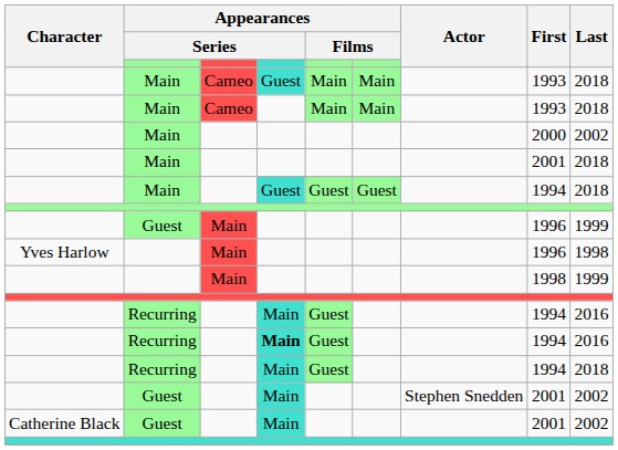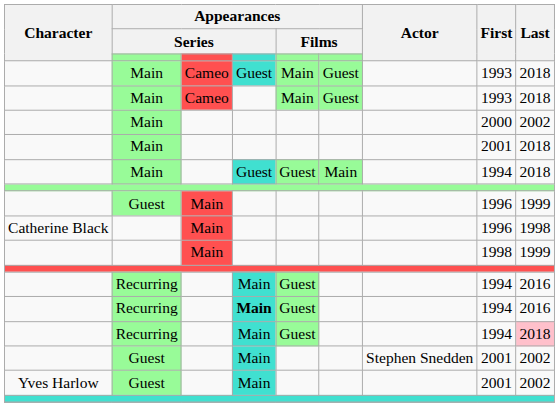 <table class="wikitable sortable plainrowheaders" style="text-align:center;">
 <tr>
 <th scope="col" rowspan="3">Character</th>
 <th scope="col" colspan="5" data-sort-type="number">Appearances</th>
 <th scope="col" rowspan="3">Actor</th>
 <th scope="col" rowspan="3" data-sort-type="number">First</th>
 <th scope="col" rowspan="3" data-sort-type="number">Last</th>
 </tr>
 <tr>
 <th scope="col" colspan="3">Series</th>
 <th scope="col" colspan="2">Films</th>
 </tr>
 <tr>
 <th scope="col" style="background-color:#98FB98;"><em><a href='#'></a></em></th>
 <th scope="col" style="background-color:#FF5050;"><em><a href='#'></a></em></th>
 <th scope="col" style="background-color:#40E0D0;"><em><a href='#'></a></em></th>
 <th scope="col" style="background-color:#98FB98;"><em><a href='#'></a></em></th>
 <th scope="col" style="background-color:#98FB98;"><em><a href='#'></a></em></th>
 </tr>
 <tr>
 <td scope="row"></td>
 <td style="background:#98FB98;">Main</td>
 <td style="background:#FF5050;">Cameo</td>
 <td style="background:#40E0D0;">Guest</td>
 <td style="background:#98FB98;">Main</td>
-<td style="background:#98FB98;">Main</td>
+<td style="background:#98FB98;">Guest</td>
 <td></td>
 <td>1993</td>
 <td>2018</td>
 </tr>
 <tr>
 <td scope="row"></td>
 <td style="background:#98FB98;">Main</td>
 <td style="background:#FF5050;">Cameo</td>
 <td></td>
 <td style="background:#98FB98;">Main</td>
-<td style="background:#98FB98;">Main</td>
+<td style="background:#98FB98;">Guest</td>
 <td></td>
 <td>1993</td>
 <td>2018</td>
 </tr>
 <tr>
 <td scope="row"></td>
 <td style="background:#98FB98;">Main</td>
 <td></td>
 <td></td>
 <td></td>
 <td></td>
 <td></td>
 <td>2000</td>
 <td>2002</td>
 </tr>
 <tr>
 <td scope="row"></td>
 <td style="background:#98FB98;">Main</td>
 <td></td>
 <td></td>
 <td></td>
 <td></td>
 <td></td>
 <td>2001</td>
 <td>2018</td>
 </tr>
 <tr>
 <td scope="row"></td>
 <td style="background:#98FB98;">Main</td>
 <td></td>
 <td style="background:#40E0D0;">Guest</td>
 <td style="background:#98FB98;">Guest</td>
-<td style="background:#98FB98;">Guest</td>
+<td style="background:#98FB98;">Main</td>
 <td></td>
 <td>1994</td>
 <td>2018</td>
 </tr>
 <tr>
 <td style="background:#98FB98;" colspan="10"></td>
 </tr>
 <tr>
 <td scope="row"></td>
 <td style="background:#98FB98;">Guest</td>
 <td style="background:#FF5050;">Main</td>
 <td></td>
 <td></td>
 <td></td>
 <td></td>
 <td>1996</td>
 <td>1999</td>
 </tr>
 <tr>
-<td scope="row">Yves Harlow</td>
+<td scope="row">Catherine Black</td>
 <td></td>
 <td style="background:#FF5050;">Main</td>
 <td></td>
 <td></td>
 <td></td>
 <td></td>
 <td>1996</td>
 <td>1998</td>
 </tr>
 <tr>
 <td scope="row"></td>
 <td></td>
 <td style="background:#FF5050;">Main</td>
 <td></td>
 <td></td>
 <td></td>
 <td></td>
 <td>1998</td>
 <td>1999</td>
 </tr>
 <tr>
 <td style="background:#FF5050;" colspan="10"></td>
 </tr>
 <tr>
 <td scope="row"></td>
 <td style="background:#98FB98;">Recurring</td>
 <td></td>
 <td style="background:#40E0D0;">Main</td>
 <td style="background:#98FB98;">Guest</td>
 <td></td>
 <td></td>
 <td>1994</td>
 <td>2016</td>
 </tr>
 <tr>
 <td scope="row"></td>
 <td style="background:#98FB98;">Recurring</td>
 <td></td>
 <td style="background:#40E0D0;"><strong>Main</strong></td>
 <td style="background:#98FB98;">Guest</td>
 <td></td>
 <td></td>
 <td>1994</td>
 <td>2016</td>
 </tr>
 <tr>
 <td scope="row"></td>
 <td style="background:#98FB98;">Recurring</td>
 <td></td>
 <td style="background:#40E0D0;">Main</td>
 <td style="background:#98FB98;">Guest</td>
 <td></td>
 <td></td>
 <td>1994</td>
-<td>2018</td>
+<td style="background: pink;">2018</td>
 </tr>
 <tr>
 <td scope="row"></td>
 <td style="background:#98FB98;">Guest</td>
 <td></td>
 <td style="background:#40E0D0;">Main</td>
 <td></td>
 <td></td>
 <td>Stephen Snedden</td>
 <td>2001</td>
 <td>2002</td>
 </tr>
 <tr>
-<td scope="row">Catherine Black</td>
+<td scope="row">Yves Harlow</td>
 <td style="background:#98FB98;">Guest</td>
 <td></td>
 <td style="background:#40E0D0;">Main</td>
 <td></td>
 <td></td>
 <td></td>
 <td>2001</td>
 <td>2002</td>
 </tr>
 <tr>
 <td style="background:#40E0D0;" colspan="10"></td>
 </tr>
 <tr>
 </tr>
 </table>
